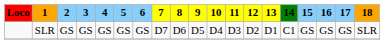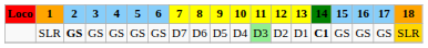 <table class="wikitable plainrowheaders unsortable" style="text-align:center">
 <tr>
 <th scope="col" rowspan="1" style="background:red;">Loco</th>
 <th scope="col" rowspan="1" style="background:orange;">1</th>
 <th scope="col" rowspan="1" style="background:lightskyblue;">2</th>
 <th scope="col" rowspan="1" style="background:lightskyblue;">3</th>
 <th scope="col" rowspan="1" style="background:lightskyblue;">4</th>
 <th scope="col" rowspan="1" style="background:lightskyblue;">5</th>
 <th scope="col" rowspan="1" style="background:lightskyblue;">6</th>
 <th scope="col" rowspan="1" style="background:yellow;">7</th>
 <th scope="col" rowspan="1" style="background:yellow;">8</th>
 <th scope="col" rowspan="1" style="background:yellow;">9</th>
 <th scope="col" rowspan="1" style="background:yellow;">10</th>
 <th scope="col" rowspan="1" style="background:yellow;">11</th>
 <th scope="col" rowspan="1" style="background:yellow;">12</th>
 <th scope="col" rowspan="1" style="background:yellow;">13</th>
 <th scope="col" rowspan="1" style="background:green;">14</th>
 <th scope="col" rowspan="1" style="background:lightskyblue;">15</th>
 <th scope="col" rowspan="1" style="background:lightskyblue;">16</th>
 <th scope="col" rowspan="1" style="background:lightskyblue;">17</th>
 <th scope="col" rowspan="1" style="background:orange;">18</th>
 </tr>
 <tr>
 <td></td>
 <td>SLR</td>
-<td>GS</td>
+<td><strong>GS</strong></td>
 <td>GS</td>
 <td>GS</td>
 <td>GS</td>
 <td>GS</td>
 <td>D7</td>
 <td>D6</td>
 <td>D5</td>
 <td>D4</td>
-<td>D3</td>
+<td style="background: lightgreen;">D3</td>
 <td>D2</td>
 <td>D1</td>
-<td>C1</td>
+<td><strong>C1</strong></td>
 <td>GS</td>
 <td>GS</td>
 <td>GS</td>
-<td>SLR</td>
+<td style="background: gold;">SLR</td>
 </tr>
 <tr>
 </tr>
 </table>
